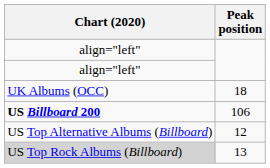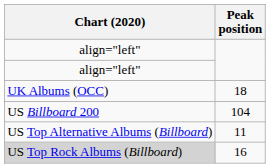 <table class="wikitable sortable plainrowheaders" style="text-align:center">
 <tr>
 <th scope="col">Chart (2020)</th>
 <th scope="col">Peak<br> position</th>
 </tr>
 <tr>
 <td>align="left" </td>
 </tr>
 <tr>
 <td>align="left" </td>
 </tr>
 <tr>
 <td style="text-align:left"><a href='#'>UK Albums</a> (<a href='#'>OCC</a>)</td>
 <td>18</td>
 </tr>
 <tr>
-<td style="text-align:left"><strong>US <a href='#'><em>Billboard</em> 200</a></strong></td>
-<td>106</td>
+<td style="text-align:left">US <a href='#'><em>Billboard</em> 200</a></td>
+<td>104</td>
 </tr>
 <tr>
 <td style="text-align:left">US <a href='#'>Top Alternative Albums</a> (<em><a href='#'>Billboard</a></em>)</td>
-<td>12</td>
+<td>11</td>
 </tr>
 <tr>
 <td style="background: lightgrey; text-align:left">US <a href='#'>Top Rock Albums</a> (<em>Billboard</em>)</td>
-<td>13</td>
+<td>16</td>
 </tr>
 </table>
